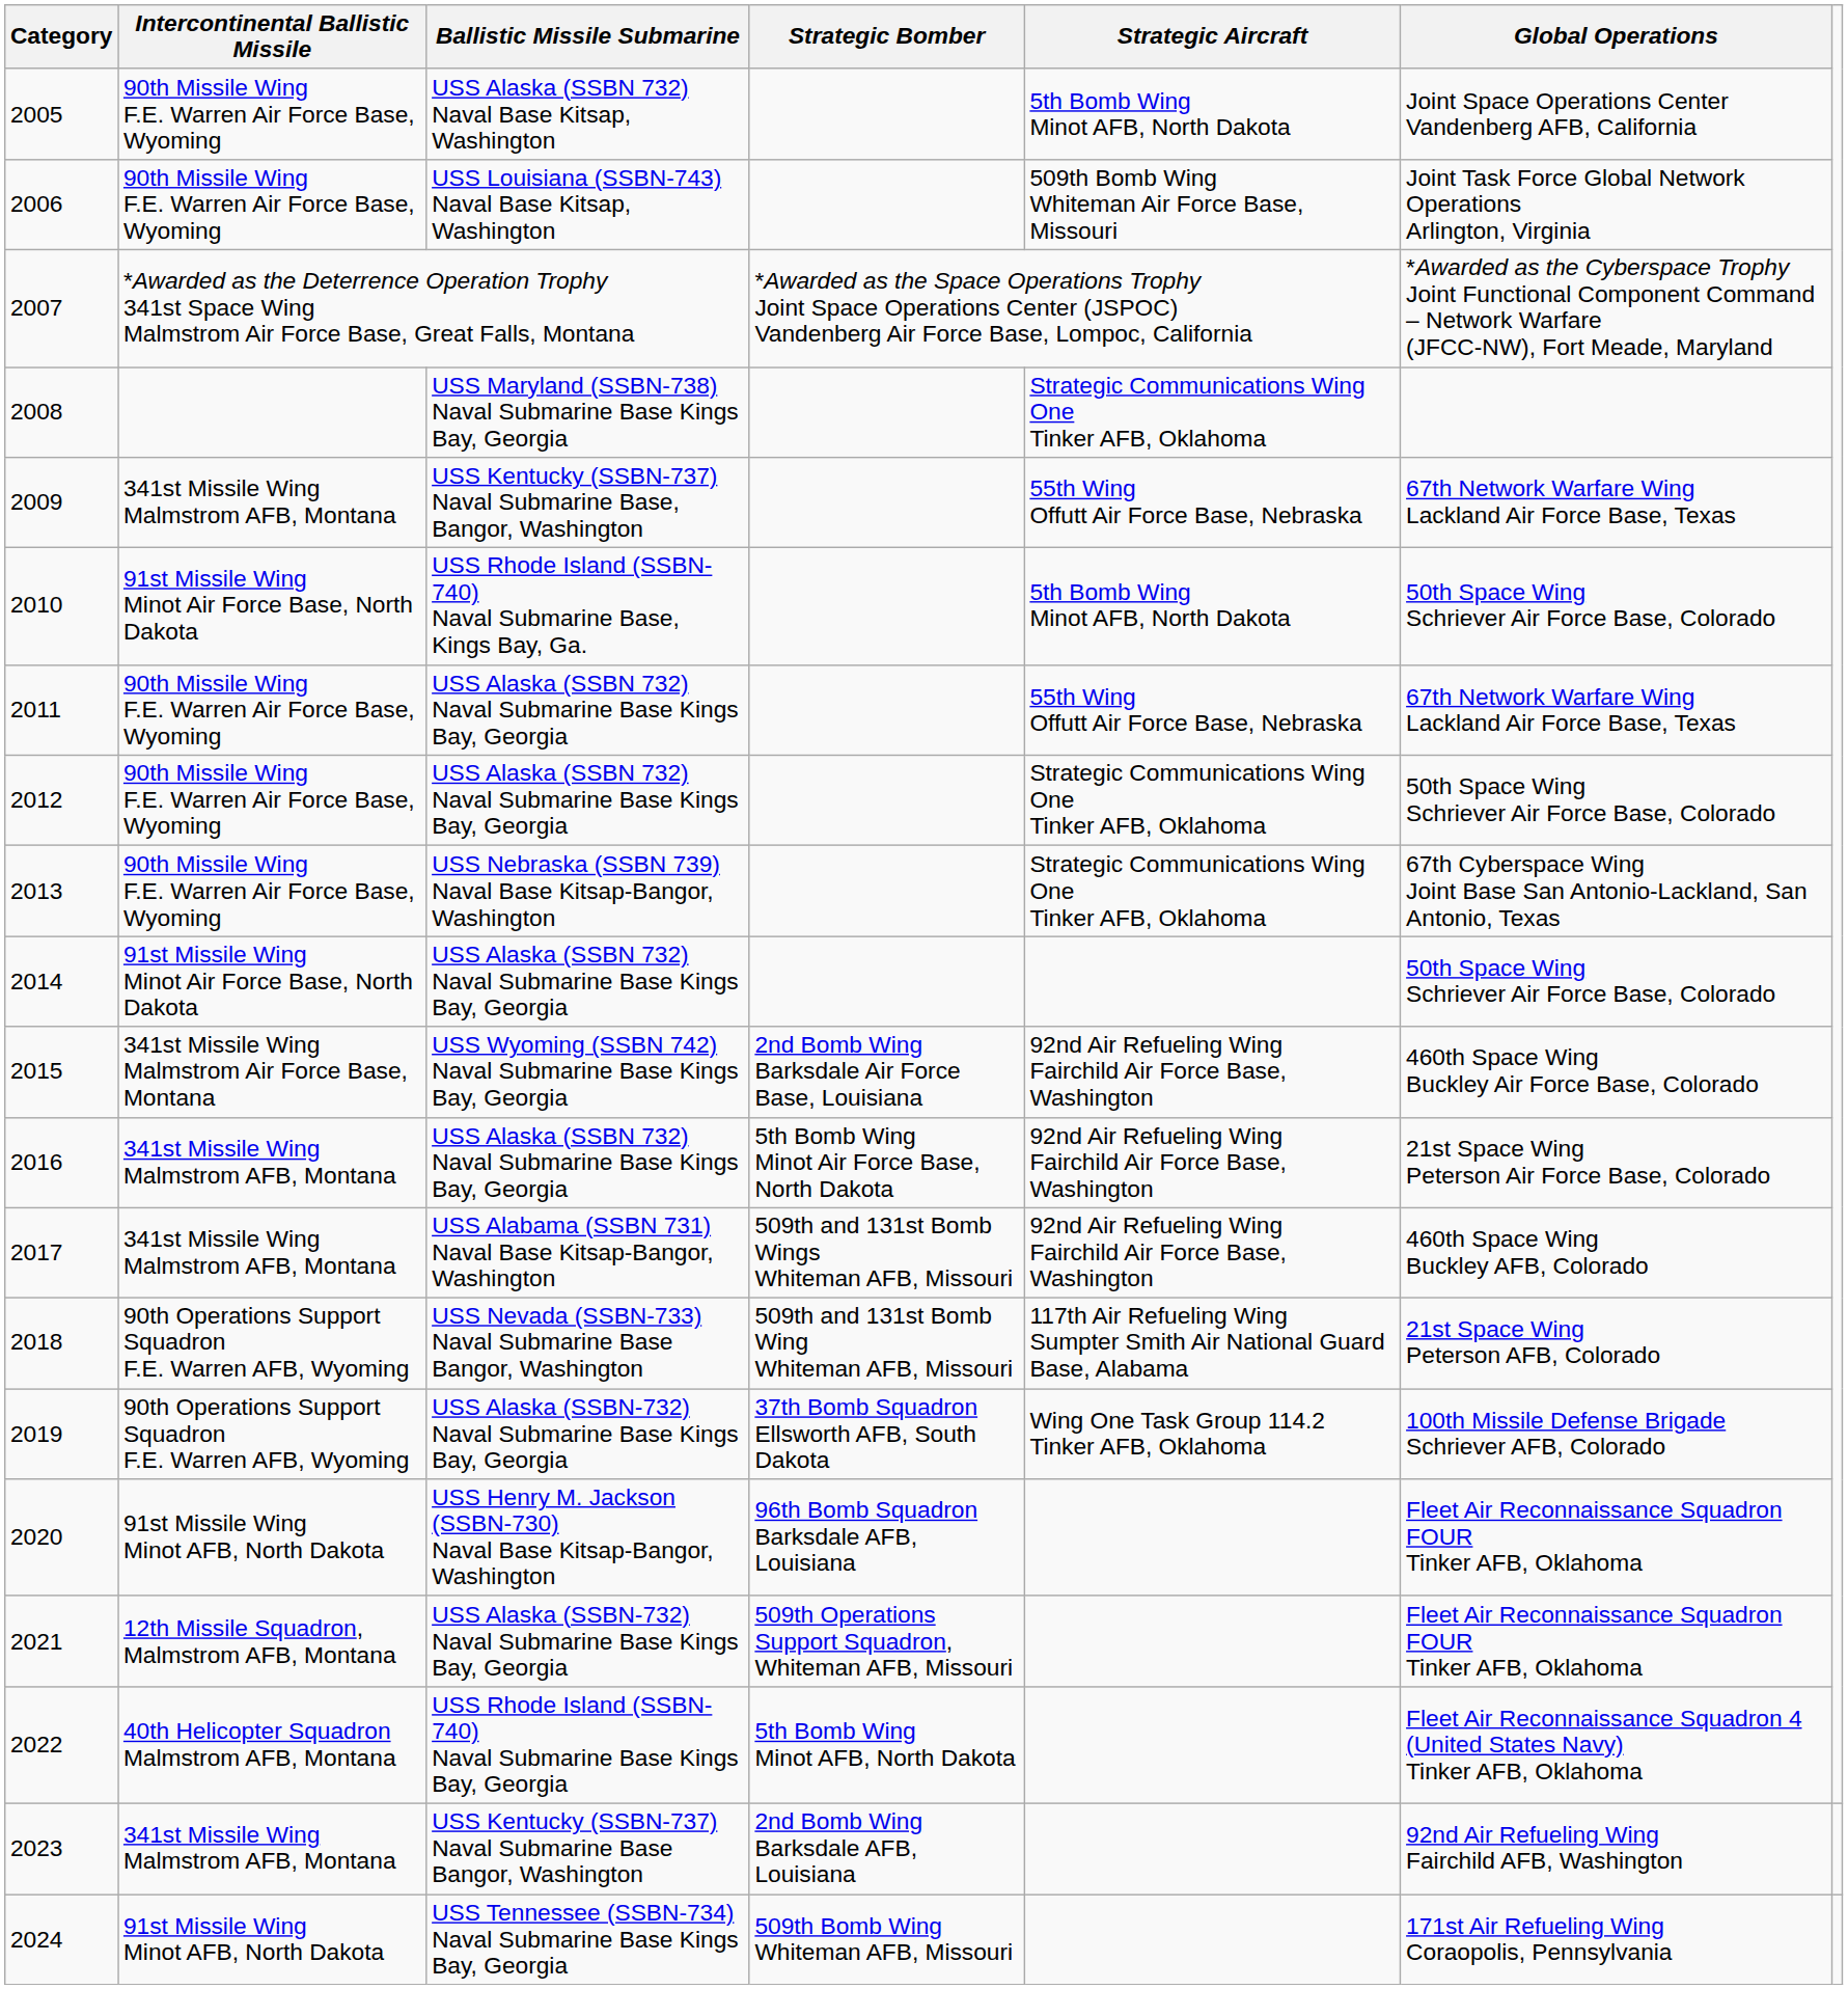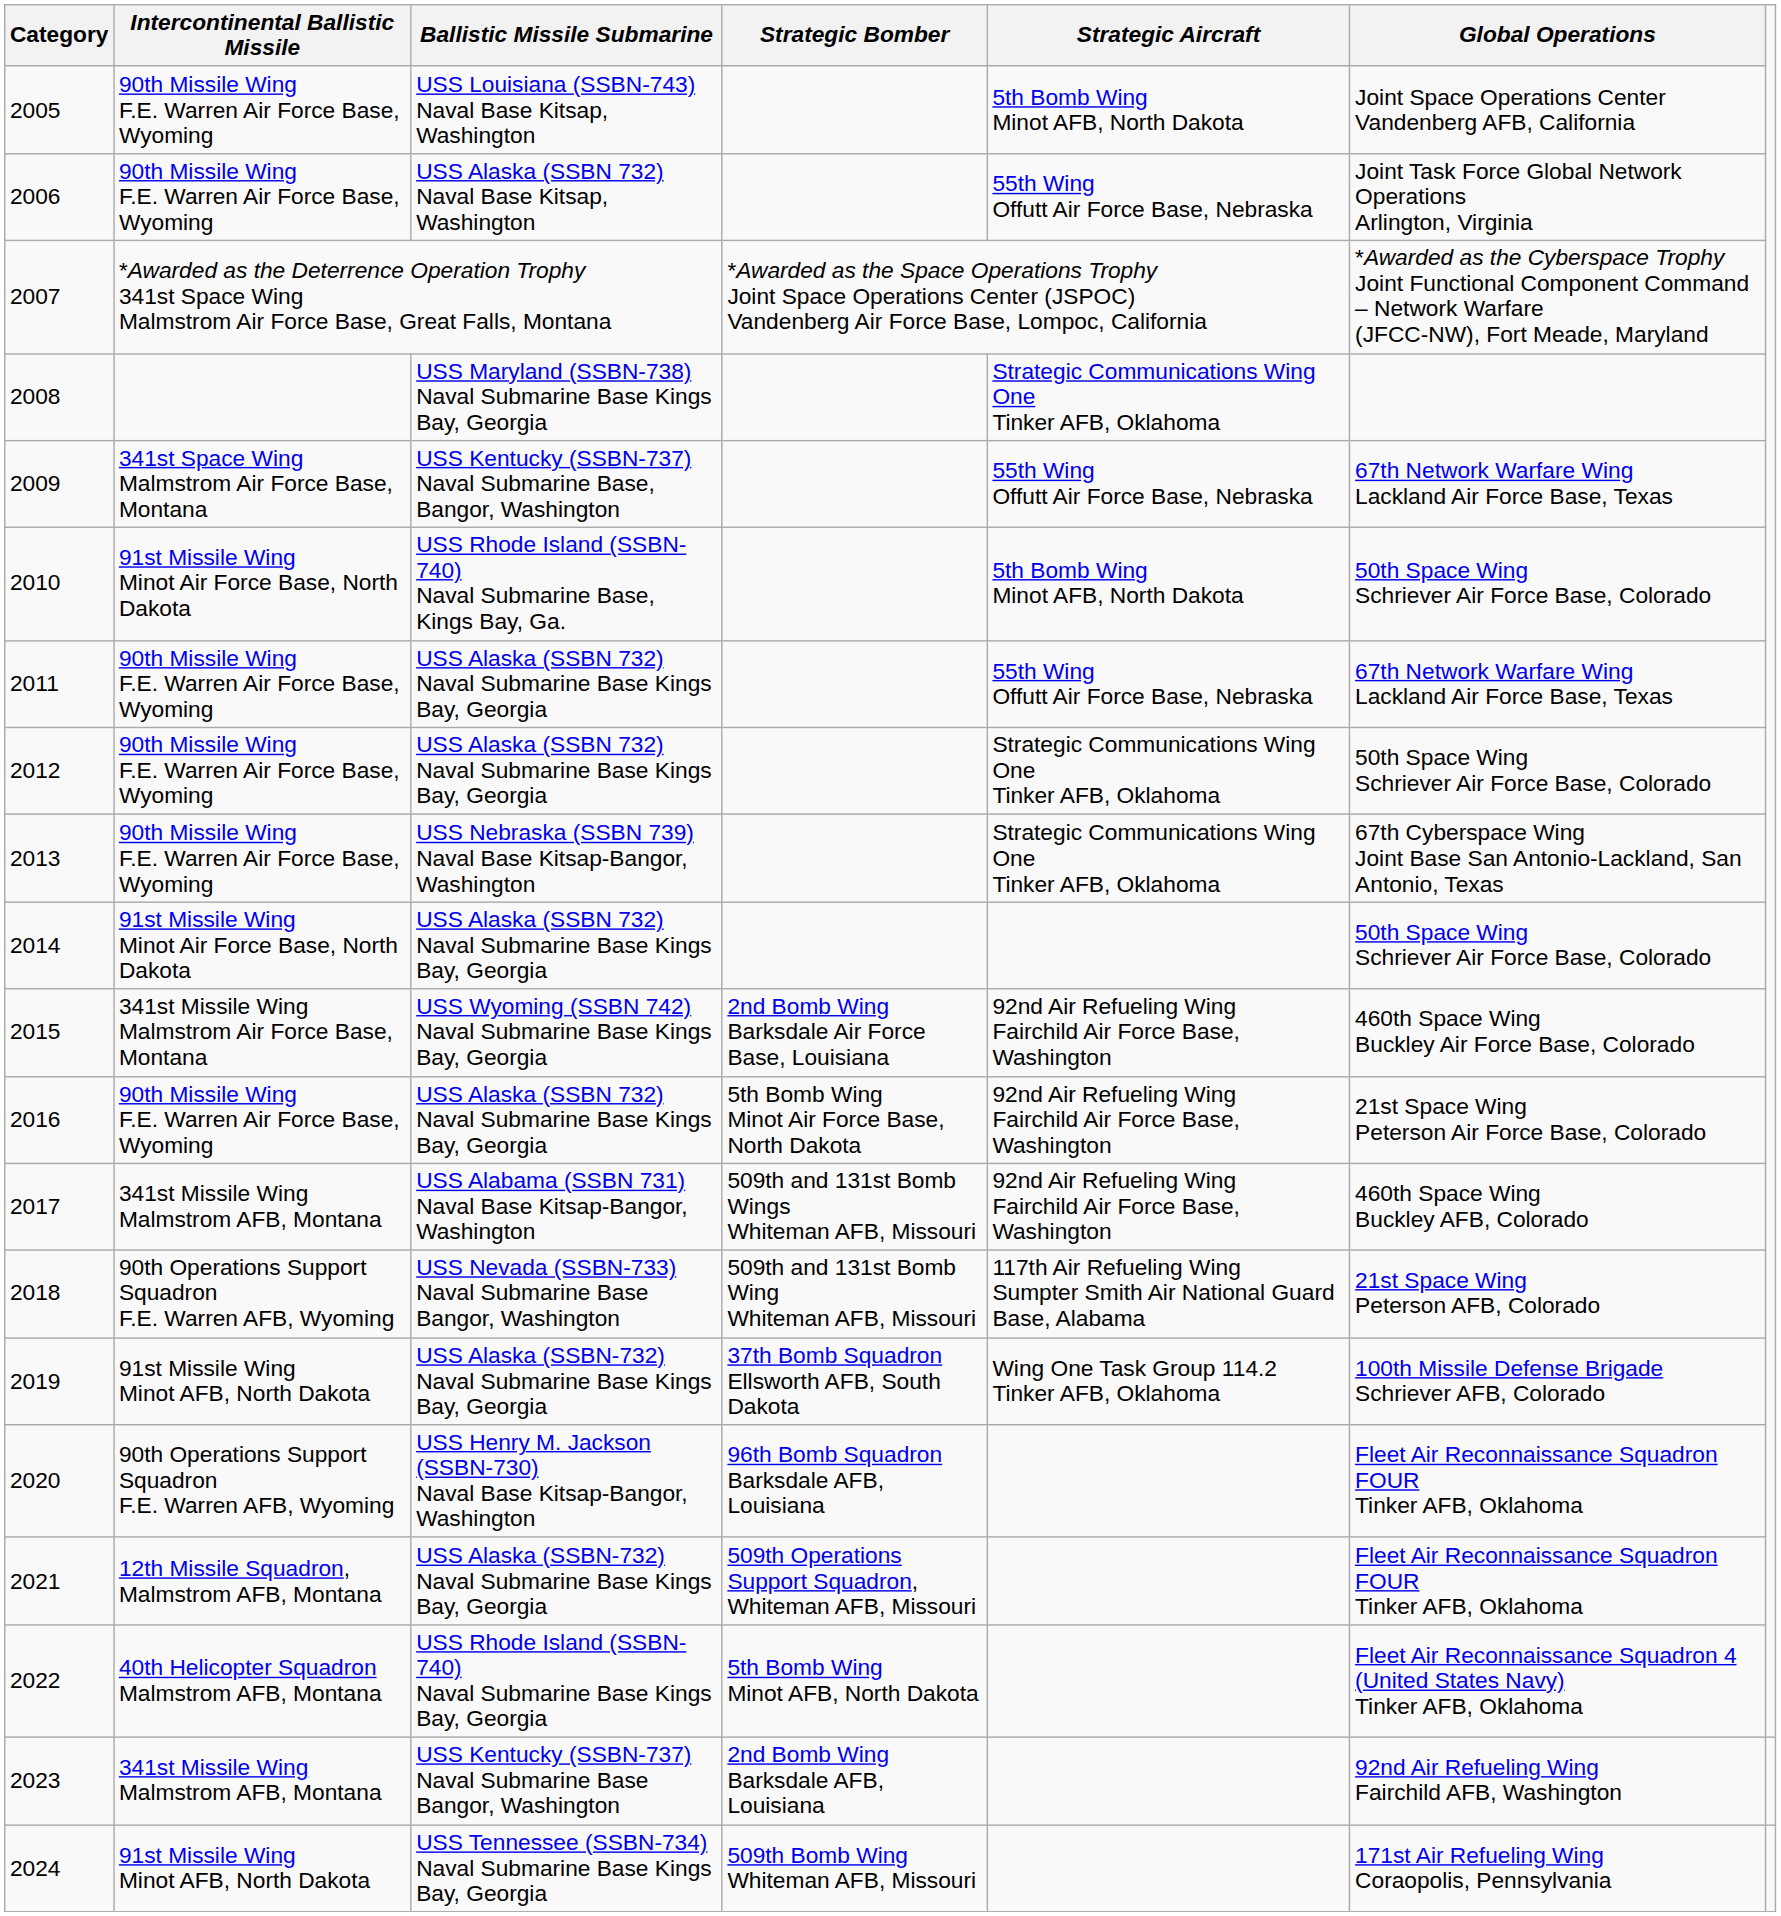 <table class="wikitable">
 <tr>
 <th>Category</th>
 <th><em>Intercontinental Ballistic Missile</em></th>
 <th><em>Ballistic Missile Submarine</em></th>
 <th><em>Strategic Bomber</em></th>
 <th><em>Strategic Aircraft</em></th>
 <th><em>Global Operations</em></th>
 </tr>
 <tr>
 <td>2005</td>
 <td><a href='#'>90th Missile Wing</a><br>F.E. Warren Air Force Base, Wyoming</td>
-<td><a href='#'>USS Alaska (SSBN 732)</a><br>Naval Base Kitsap, Washington</td>
+<td><a href='#'>USS Louisiana (SSBN-743)</a><br>Naval Base Kitsap, Washington</td>
 <td></td>
 <td><a href='#'>5th Bomb Wing</a><br>Minot AFB, North Dakota</td>
 <td>Joint Space Operations Center<br>Vandenberg AFB, California</td>
 </tr>
 <tr>
 <td>2006</td>
 <td><a href='#'>90th Missile Wing</a><br>F.E. Warren Air Force Base, Wyoming</td>
-<td><a href='#'>USS Louisiana (SSBN-743)</a><br>Naval Base Kitsap, Washington</td>
+<td><a href='#'>USS Alaska (SSBN 732)</a><br>Naval Base Kitsap, Washington</td>
 <td></td>
-<td>509th Bomb Wing<br>Whiteman Air Force Base, Missouri</td>
+<td><a href='#'>55th Wing</a><br>Offutt Air Force Base, Nebraska</td>
 <td>Joint Task Force Global Network Operations<br>Arlington, Virginia</td>
 </tr>
 <tr>
 <td>2007</td>
 <td colspan="2">*<em>Awarded as the Deterrence Operation Trophy</em><br>341st Space Wing<br>Malmstrom Air Force Base, Great Falls, Montana</td>
 <td colspan="2">*<em>Awarded as the Space Operations Trophy</em><br>Joint Space Operations Center (JSPOC)<br>Vandenberg Air Force Base, Lompoc, California</td>
 <td>*<em>Awarded as the Cyberspace Trophy</em><br>Joint Functional Component Command – Network Warfare<br>(JFCC-NW), Fort Meade, Maryland</td>
 </tr>
 <tr>
 <td>2008</td>
 <td></td>
 <td><a href='#'>USS Maryland (SSBN-738)</a><br>Naval Submarine Base Kings Bay, Georgia</td>
 <td></td>
 <td><a href='#'>Strategic Communications Wing One</a><br>Tinker AFB, Oklahoma</td>
 <td></td>
 </tr>
 <tr>
 <td>2009</td>
-<td>341st Missile Wing<br>Malmstrom AFB, Montana</td>
+<td><a href='#'>341st Space Wing</a><br>Malmstrom Air Force Base, Montana</td>
 <td><a href='#'>USS Kentucky (SSBN-737)</a><br>Naval Submarine Base, Bangor, Washington</td>
 <td></td>
 <td><a href='#'>55th Wing</a><br>Offutt Air Force Base, Nebraska</td>
 <td><a href='#'>67th Network Warfare Wing</a><br>Lackland Air Force Base, Texas</td>
 </tr>
 <tr>
 <td>2010</td>
 <td><a href='#'>91st Missile Wing</a><br>Minot Air Force Base, North Dakota</td>
 <td><a href='#'>USS Rhode Island (SSBN-740)</a><br>Naval Submarine Base, Kings Bay, Ga.</td>
 <td></td>
 <td><a href='#'>5th Bomb Wing</a><br>Minot AFB, North Dakota</td>
 <td><a href='#'>50th Space Wing</a><br>Schriever Air Force Base, Colorado</td>
 </tr>
 <tr>
 <td>2011</td>
 <td><a href='#'>90th Missile Wing</a><br>F.E. Warren Air Force Base, Wyoming</td>
 <td><a href='#'>USS Alaska (SSBN 732)</a><br>Naval Submarine Base Kings Bay, Georgia</td>
 <td></td>
 <td><a href='#'>55th Wing</a><br>Offutt Air Force Base, Nebraska</td>
 <td><a href='#'>67th Network Warfare Wing</a><br>Lackland Air Force Base, Texas</td>
 </tr>
 <tr>
 <td>2012</td>
 <td><a href='#'>90th Missile Wing</a><br>F.E. Warren Air Force Base, Wyoming</td>
 <td><a href='#'>USS Alaska (SSBN 732)</a><br>Naval Submarine Base Kings Bay, Georgia</td>
 <td></td>
 <td>Strategic Communications Wing One<br>Tinker AFB, Oklahoma</td>
 <td>50th Space Wing<br>Schriever Air Force Base, Colorado</td>
 </tr>
 <tr>
 <td>2013</td>
 <td><a href='#'>90th Missile Wing</a><br>F.E. Warren Air Force Base, Wyoming</td>
 <td><a href='#'>USS Nebraska (SSBN 739)</a><br>Naval Base Kitsap-Bangor, Washington</td>
 <td></td>
 <td>Strategic Communications Wing One<br>Tinker AFB, Oklahoma</td>
 <td>67th Cyberspace Wing<br>Joint Base San Antonio-Lackland, San Antonio, Texas</td>
 </tr>
 <tr>
 <td>2014</td>
 <td><a href='#'>91st Missile Wing</a><br>Minot Air Force Base, North Dakota</td>
 <td><a href='#'>USS Alaska (SSBN 732)</a><br>Naval Submarine Base Kings Bay, Georgia</td>
 <td></td>
 <td></td>
 <td><a href='#'>50th Space Wing</a><br>Schriever Air Force Base, Colorado</td>
 </tr>
 <tr>
 <td>2015</td>
 <td>341st Missile Wing<br>Malmstrom Air Force Base, Montana</td>
 <td><a href='#'>USS Wyoming (SSBN 742)</a><br>Naval Submarine Base Kings Bay, Georgia</td>
 <td><a href='#'>2nd Bomb Wing</a><br>Barksdale Air Force Base, Louisiana</td>
 <td>92nd Air Refueling Wing<br>Fairchild Air Force Base, Washington</td>
 <td>460th Space Wing<br>Buckley Air Force Base, Colorado</td>
 </tr>
 <tr>
 <td>2016</td>
-<td><a href='#'>341st Missile Wing</a><br>Malmstrom AFB, Montana</td>
+<td><a href='#'>90th Missile Wing</a><br>F.E. Warren Air Force Base, Wyoming</td>
 <td><a href='#'>USS Alaska (SSBN 732)</a><br>Naval Submarine Base Kings Bay, Georgia</td>
 <td>5th Bomb Wing<br>Minot Air Force Base, North Dakota</td>
 <td>92nd Air Refueling Wing<br>Fairchild Air Force Base, Washington</td>
 <td>21st Space Wing<br>Peterson Air Force Base, Colorado</td>
 </tr>
 <tr>
 <td>2017</td>
 <td>341st Missile Wing<br>Malmstrom AFB, Montana</td>
 <td><a href='#'>USS Alabama (SSBN 731)</a><br>Naval Base Kitsap-Bangor, Washington</td>
 <td>509th and 131st Bomb Wings<br>Whiteman AFB, Missouri</td>
 <td>92nd Air Refueling Wing<br>Fairchild Air Force Base, Washington</td>
 <td>460th Space Wing<br>Buckley AFB, Colorado</td>
 </tr>
 <tr>
 <td>2018</td>
 <td>90th Operations Support Squadron<br>F.E. Warren AFB, Wyoming</td>
 <td><a href='#'>USS Nevada (SSBN-733)</a><br>Naval Submarine Base Bangor, Washington</td>
 <td>509th and 131st Bomb Wing<br>Whiteman AFB, Missouri</td>
 <td>117th Air Refueling Wing<br>Sumpter Smith Air National Guard Base, Alabama</td>
 <td><a href='#'>21st Space Wing</a><br>Peterson AFB, Colorado</td>
 </tr>
 <tr>
 <td>2019</td>
-<td>90th Operations Support Squadron<br>F.E. Warren AFB, Wyoming</td>
+<td>91st Missile Wing<br>Minot AFB, North Dakota</td>
 <td><a href='#'>USS Alaska (SSBN-732)</a><br>Naval Submarine Base Kings Bay, Georgia</td>
 <td><a href='#'>37th Bomb Squadron</a><br>Ellsworth AFB, South Dakota</td>
 <td>Wing One Task Group 114.2<br>Tinker AFB, Oklahoma</td>
 <td><a href='#'>100th Missile Defense Brigade</a><br>Schriever AFB, Colorado</td>
 </tr>
 <tr>
 <td>2020</td>
-<td>91st Missile Wing<br>Minot AFB, North Dakota</td>
+<td>90th Operations Support Squadron<br>F.E. Warren AFB, Wyoming</td>
 <td><a href='#'>USS Henry M. Jackson (SSBN-730)</a><br>Naval Base Kitsap-Bangor, Washington</td>
 <td><a href='#'>96th Bomb Squadron</a><br>Barksdale AFB, Louisiana</td>
 <td></td>
 <td><a href='#'>Fleet Air Reconnaissance Squadron FOUR</a><br>Tinker AFB, Oklahoma</td>
 </tr>
 <tr>
 <td>2021</td>
 <td><a href='#'>12th Missile Squadron</a>,<br>Malmstrom AFB, Montana</td>
 <td><a href='#'>USS Alaska (SSBN-732)</a><br>Naval Submarine Base Kings Bay, Georgia</td>
 <td><a href='#'>509th Operations Support Squadron</a>,<br>Whiteman AFB, Missouri</td>
 <td></td>
 <td><a href='#'>Fleet Air Reconnaissance Squadron FOUR</a><br>Tinker AFB, Oklahoma</td>
 </tr>
 <tr>
 <td>2022</td>
 <td><a href='#'>40th Helicopter Squadron</a><br>Malmstrom AFB, Montana</td>
 <td><a href='#'>USS Rhode Island (SSBN-740)</a><br>Naval Submarine Base Kings Bay, Georgia</td>
 <td><a href='#'>5th Bomb Wing</a><br>Minot AFB, North Dakota</td>
 <td></td>
 <td><a href='#'>Fleet Air Reconnaissance Squadron 4 (United States Navy)</a><br>Tinker AFB, Oklahoma</td>
 </tr>
 <tr>
 <td>2023</td>
 <td><a href='#'>341st Missile Wing</a><br>Malmstrom AFB, Montana</td>
 <td><a href='#'>USS Kentucky (SSBN-737)</a><br>Naval Submarine Base Bangor, Washington</td>
 <td><a href='#'>2nd Bomb Wing</a><br>Barksdale AFB, Louisiana</td>
 <td></td>
 <td><a href='#'>92nd Air Refueling Wing</a><br>Fairchild AFB, Washington</td>
 <td></td>
 </tr>
 <tr>
 <td>2024</td>
 <td><a href='#'>91st Missile Wing</a><br>Minot AFB, North Dakota</td>
 <td><a href='#'>USS Tennessee (SSBN-734)</a><br>Naval Submarine Base Kings Bay, Georgia</td>
 <td><a href='#'>509th Bomb Wing</a><br>Whiteman AFB, Missouri</td>
 <td></td>
 <td><a href='#'>171st Air Refueling Wing</a><br>Coraopolis, Pennsylvania</td>
 </tr>
 </table>
